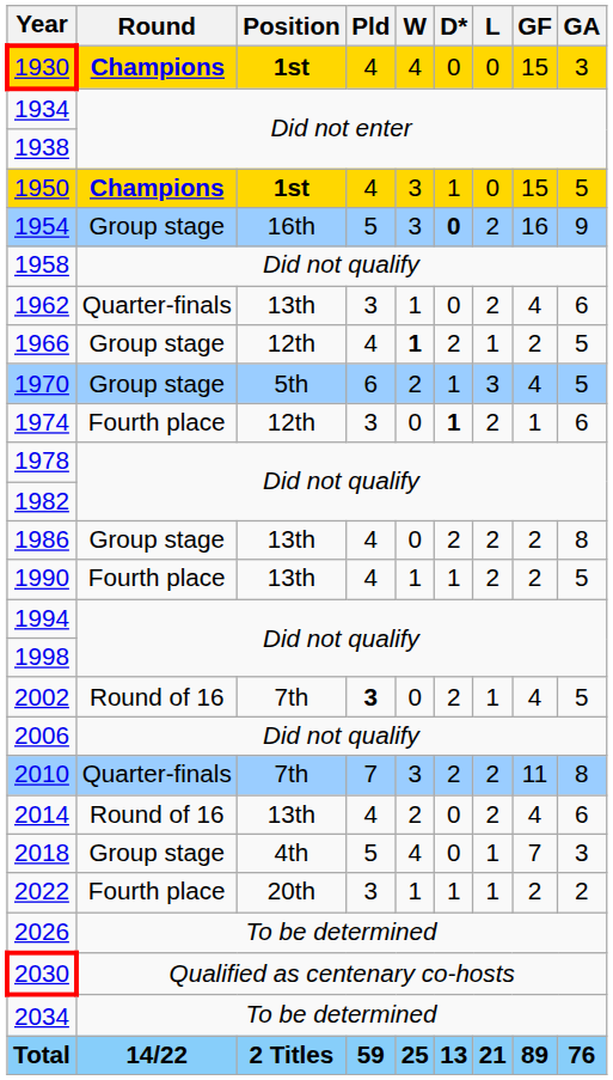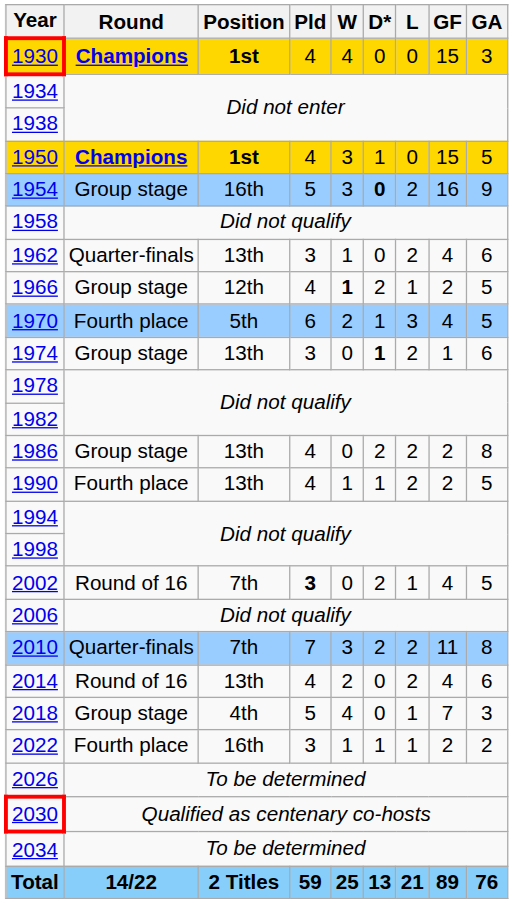 <table class="wikitable" style="text-align:center">
 <tr>
 <th>Year</th>
 <th>Round</th>
 <th>Position</th>
 <th>Pld</th>
 <th>W</th>
 <th>D*</th>
 <th>L</th>
 <th>GF</th>
 <th>GA</th>
 </tr>
 <tr bgcolor=Gold>
 <td style="border: 3px solid red"> <a href='#'>1930</a></td>
 <td><strong><a href='#'>Champions</a></strong></td>
 <td><strong>1st</strong></td>
 <td>4</td>
 <td>4</td>
 <td>0</td>
 <td>0</td>
 <td>15</td>
 <td>3</td>
 </tr>
 <tr>
 <td> <a href='#'>1934</a></td>
 <td rowspan=2 colspan=8><em>Did not enter</em></td>
 </tr>
 <tr>
 <td> <a href='#'>1938</a></td>
 </tr>
 <tr bgcolor=Gold>
 <td> <a href='#'>1950</a></td>
 <td><strong><a href='#'>Champions</a></strong></td>
 <td><strong>1st</strong></td>
 <td>4</td>
 <td>3</td>
 <td>1</td>
 <td>0</td>
 <td>15</td>
 <td>5</td>
 </tr>
 <tr bgcolor=#9acdff>
 <td> <a href='#'>1954</a></td>
 <td>Group stage</td>
 <td>16th</td>
 <td>5</td>
 <td>3</td>
 <td><strong>0</strong></td>
 <td>2</td>
 <td>16</td>
 <td>9</td>
 </tr>
 <tr>
 <td> <a href='#'>1958</a></td>
 <td colspan=8><em>Did not qualify</em></td>
 </tr>
 <tr>
 <td> <a href='#'>1962</a></td>
 <td>Quarter-finals</td>
 <td>13th</td>
 <td>3</td>
 <td>1</td>
 <td>0</td>
 <td>2</td>
 <td>4</td>
 <td>6</td>
 </tr>
 <tr>
 <td> <a href='#'>1966</a></td>
 <td>Group stage</td>
 <td>12th</td>
 <td>4</td>
 <td><strong>1</strong></td>
 <td>2</td>
 <td>1</td>
 <td>2</td>
 <td>5</td>
 </tr>
 <tr bgcolor=#9acdff>
 <td> <a href='#'>1970</a></td>
-<td>Group stage</td>
+<td>Fourth place</td>
 <td>5th</td>
 <td>6</td>
 <td>2</td>
 <td>1</td>
 <td>3</td>
 <td>4</td>
 <td>5</td>
 </tr>
 <tr>
 <td> <a href='#'>1974</a></td>
-<td>Fourth place</td>
-<td>12th</td>
+<td>Group stage</td>
+<td>13th</td>
 <td>3</td>
 <td>0</td>
 <td><strong>1</strong></td>
 <td>2</td>
 <td>1</td>
 <td>6</td>
 </tr>
 <tr>
 <td> <a href='#'>1978</a></td>
 <td rowspan=2 colspan=8><em>Did not qualify</em></td>
 </tr>
 <tr>
 <td> <a href='#'>1982</a></td>
 </tr>
 <tr>
 <td> <a href='#'>1986</a></td>
 <td>Group stage</td>
 <td>13th</td>
 <td>4</td>
 <td>0</td>
 <td>2</td>
 <td>2</td>
 <td>2</td>
 <td>8</td>
 </tr>
 <tr>
 <td> <a href='#'>1990</a></td>
 <td>Fourth place</td>
 <td>13th</td>
 <td>4</td>
 <td>1</td>
 <td>1</td>
 <td>2</td>
 <td>2</td>
 <td>5</td>
 </tr>
 <tr>
 <td> <a href='#'>1994</a></td>
 <td rowspan=2 colspan=8><em>Did not qualify</em></td>
 </tr>
 <tr>
 <td> <a href='#'>1998</a></td>
 </tr>
 <tr>
 <td> <a href='#'>2002</a></td>
 <td>Round of 16</td>
 <td>7th</td>
 <td><strong>3</strong></td>
 <td>0</td>
 <td>2</td>
 <td>1</td>
 <td>4</td>
 <td>5</td>
 </tr>
 <tr>
 <td> <a href='#'>2006</a></td>
 <td colspan=8><em>Did not qualify</em></td>
 </tr>
 <tr bgcolor=#9acdff>
 <td> <a href='#'>2010</a></td>
 <td>Quarter-finals</td>
 <td>7th</td>
 <td>7</td>
 <td>3</td>
 <td>2</td>
 <td>2</td>
 <td>11</td>
 <td>8</td>
 </tr>
 <tr>
 <td> <a href='#'>2014</a></td>
 <td>Round of 16</td>
 <td>13th</td>
 <td>4</td>
 <td>2</td>
 <td>0</td>
 <td>2</td>
 <td>4</td>
 <td>6</td>
 </tr>
 <tr>
 <td> <a href='#'>2018</a></td>
 <td>Group stage</td>
 <td>4th</td>
 <td>5</td>
 <td>4</td>
 <td>0</td>
 <td>1</td>
 <td>7</td>
 <td>3</td>
 </tr>
 <tr>
 <td> <a href='#'>2022</a></td>
 <td>Fourth place</td>
-<td>20th</td>
+<td>16th</td>
 <td>3</td>
 <td>1</td>
 <td>1</td>
 <td>1</td>
 <td>2</td>
 <td>2</td>
 </tr>
 <tr>
 <td> <a href='#'>2026</a></td>
 <td colspan=8><em>To be determined</em></td>
 </tr>
 <tr>
 <td style="border: 3px solid red"> <a href='#'>2030</a></td>
 <td colspan=8><em>Qualified as centenary co-hosts</em></td>
 </tr>
 <tr>
 <td> <a href='#'>2034</a></td>
 <td colspan=8><em>To be determined</em></td>
 </tr>
 <tr>
 <td style="background:#87cefa; color:black; "><strong>Total</strong></td>
 <td style="background:#87cefa; color:black; "><strong>14/22</strong></td>
 <td style="background:#87cefa; color:black; "><strong>2 Titles</strong></td>
 <td style="background:#87cefa; color:black; "><strong>59</strong></td>
 <td style="background:#87cefa; color:black; "><strong>25</strong></td>
 <td style="background:#87cefa; color:black; "><strong>13</strong></td>
 <td style="background:#87cefa; color:black; "><strong>21</strong></td>
 <td style="background:#87cefa; color:black; "><strong>89</strong></td>
 <td style="background:#87cefa; color:black; "><strong>76</strong></td>
 </tr>
 </table>
